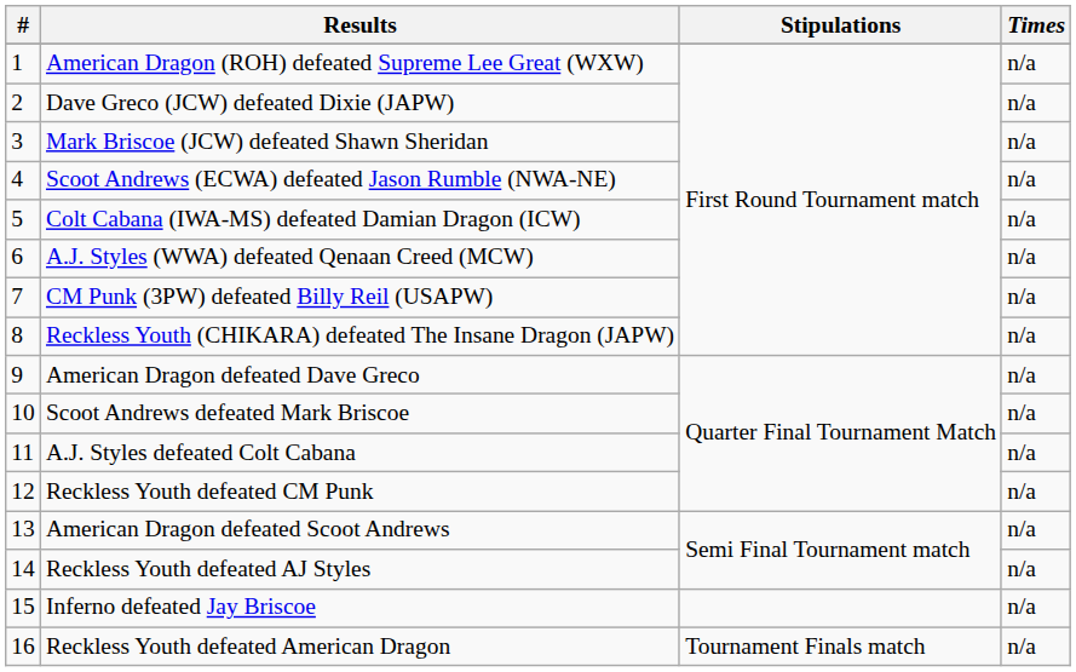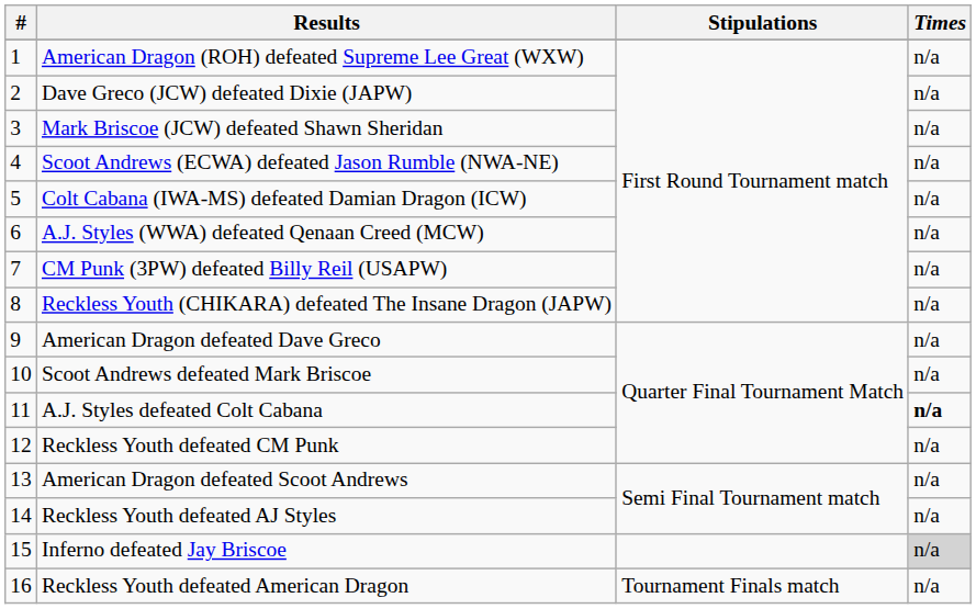 <table style="font-size: 85%; text-align: left;" class="wikitable sortable">
 <tr>
 <th><strong>#</strong></th>
 <th><strong>Results</strong></th>
 <th><strong>Stipulations</strong></th>
 <th><em>Times<strong></th>
 </tr>
 <tr>
 </tr>
 <tr>
 <td>1</td>
 <td><a href='#'>American Dragon</a> (ROH) defeated <a href='#'>Supreme Lee Great</a> (WXW)</td>
 <td rowspan="8">First Round Tournament match</td>
 <td>n/a</td>
 </tr>
 <tr>
 <td>2</td>
 <td>Dave Greco (JCW) defeated Dixie (JAPW)</td>
 <td>n/a</td>
 </tr>
 <tr>
 <td>3</td>
 <td><a href='#'>Mark Briscoe</a> (JCW) defeated Shawn Sheridan</td>
 <td>n/a</td>
 </tr>
 <tr>
 <td>4</td>
 <td><a href='#'>Scoot Andrews</a> (ECWA) defeated <a href='#'>Jason Rumble</a> (NWA-NE)</td>
 <td>n/a</td>
 </tr>
 <tr>
 <td>5</td>
 <td><a href='#'>Colt Cabana</a> (IWA-MS) defeated Damian Dragon (ICW)</td>
 <td>n/a</td>
 </tr>
 <tr>
 <td>6</td>
 <td><a href='#'>A.J. Styles</a> (WWA) defeated Qenaan Creed (MCW)</td>
 <td>n/a</td>
 </tr>
 <tr>
 <td>7</td>
 <td><a href='#'>CM Punk</a> (3PW) defeated <a href='#'>Billy Reil</a> (USAPW)</td>
 <td>n/a</td>
 </tr>
 <tr>
 <td>8</td>
 <td><a href='#'>Reckless Youth</a> (CHIKARA) defeated The Insane Dragon (JAPW)</td>
 <td>n/a</td>
 </tr>
 <tr>
 <td>9</td>
 <td>American Dragon defeated Dave Greco</td>
 <td rowspan="4">Quarter Final Tournament Match</td>
 <td>n/a</td>
 </tr>
 <tr>
 <td>10</td>
 <td>Scoot Andrews defeated Mark Briscoe</td>
 <td>n/a</td>
 </tr>
 <tr>
 <td>11</td>
 <td>A.J. Styles defeated Colt Cabana</td>
-<td>n/a</td>
+<td><strong>n/a</strong></td>
 </tr>
 <tr>
 <td>12</td>
 <td>Reckless Youth defeated CM Punk</td>
 <td>n/a</td>
 </tr>
 <tr>
 <td>13</td>
 <td>American Dragon defeated Scoot Andrews</td>
 <td rowspan="2">Semi Final Tournament match</td>
 <td>n/a</td>
 </tr>
 <tr>
 <td>14</td>
 <td>Reckless Youth defeated AJ Styles</td>
 <td>n/a</td>
 </tr>
 <tr>
 <td>15</td>
 <td>Inferno defeated <a href='#'>Jay Briscoe</a></td>
 <td></td>
-<td>n/a</td>
+<td style="background: lightgrey;">n/a</td>
 </tr>
 <tr>
 <td>16</td>
 <td>Reckless Youth defeated American Dragon</td>
 <td>Tournament Finals match</td>
 <td>n/a</td>
 </tr>
 </table>
